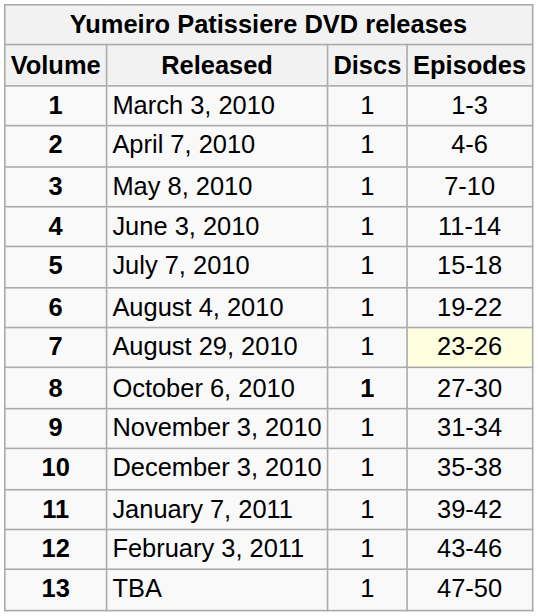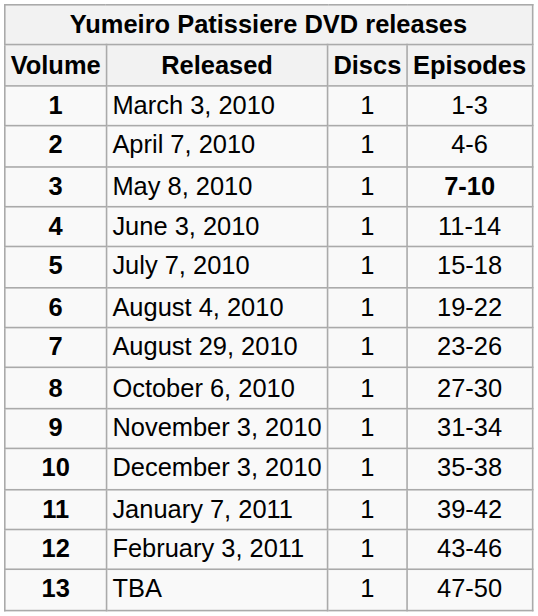 <table class="wikitable">
 <tr>
 <th colspan="9"><strong>Yumeiro Patissiere DVD releases</strong></th>
 </tr>
 <tr>
 <th><strong>Volume</strong></th>
 <th><strong>Released</strong></th>
 <th><strong>Discs</strong></th>
 <th><strong>Episodes</strong></th>
 </tr>
 <tr>
 <td align=center><strong>1</strong></td>
 <td>March 3, 2010</td>
 <td align=center>1</td>
 <td align=center>1-3</td>
 </tr>
 <tr>
 <td align=center><strong>2</strong></td>
 <td>April 7, 2010</td>
 <td align=center>1</td>
 <td align=center>4-6</td>
 </tr>
 <tr>
 <td align=center><strong>3</strong></td>
 <td>May 8, 2010</td>
 <td align=center>1</td>
-<td align=center>7-10</td>
+<td align=center><strong>7-10</strong></td>
 </tr>
 <tr>
 <td align=center><strong>4</strong></td>
 <td>June 3, 2010</td>
 <td align=center>1</td>
 <td align=center>11-14</td>
 </tr>
 <tr>
 <td align=center><strong>5</strong></td>
 <td>July 7, 2010</td>
 <td align=center>1</td>
 <td align=center>15-18</td>
 </tr>
 <tr>
 <td align=center><strong>6</strong></td>
 <td>August 4, 2010</td>
 <td align=center>1</td>
 <td align=center>19-22</td>
 </tr>
 <tr>
 <td align=center><strong>7</strong></td>
 <td>August 29, 2010</td>
 <td align=center>1</td>
-<td align=center style="background: lightyellow;">23-26</td>
+<td align=center>23-26</td>
 </tr>
 <tr>
 <td align=center><strong>8</strong></td>
 <td>October 6, 2010</td>
-<td align=center><strong>1</strong></td>
+<td align=center>1</td>
 <td align=center>27-30</td>
 </tr>
 <tr>
 <td align=center><strong>9</strong></td>
 <td>November 3, 2010</td>
 <td align=center>1</td>
 <td align=center>31-34</td>
 </tr>
 <tr>
 <td align=center><strong>10</strong></td>
 <td>December 3, 2010</td>
 <td align=center>1</td>
 <td align=center>35-38</td>
 </tr>
 <tr>
 <td align=center><strong>11</strong></td>
 <td>January 7, 2011</td>
 <td align=center>1</td>
 <td align=center>39-42</td>
 </tr>
 <tr>
 <td align=center><strong>12</strong></td>
 <td>February 3, 2011</td>
 <td align=center>1</td>
 <td align=center>43-46</td>
 </tr>
 <tr>
 <td align=center><strong>13</strong></td>
 <td>TBA</td>
 <td align=center>1</td>
 <td align=center>47-50</td>
 </tr>
 </table>
